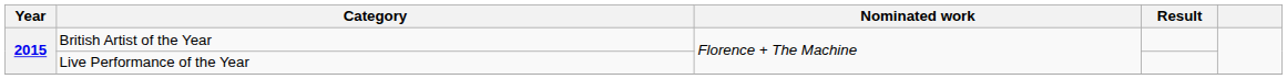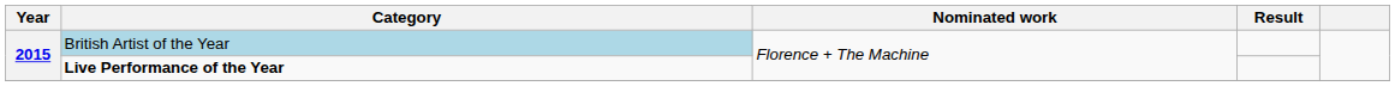 <table class="wikitable plainrowheaders" style="width:70%;">
 <tr>
 <th scope="col" style="width:4%;">Year</th>
 <th scope="col" style="width:50%;">Category</th>
 <th scope="col" style="width:35%;">Nominated work</th>
 <th scope="col" style="width:6%;">Result</th>
 <th scope="col" style="width:6%;"></th>
 </tr>
 <tr>
 <th rowspan="2" scope="row"><a href='#'>2015</a></th>
-<td>British Artist of the Year</td>
+<td style="background: lightblue;">British Artist of the Year</td>
 <td rowspan="2"><em>Florence + The Machine</em></td>
 <td></td>
 <td rowspan="2" style="text-align:center;"></td>
 </tr>
 <tr>
-<td>Live Performance of the Year</td>
+<td><strong>Live Performance of the Year</strong></td>
 <td></td>
 </tr>
 <tr>
 </tr>
 </table>
